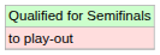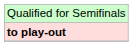 <table class="wikitable">
 <tr width=10px bgcolor="#ccffcc">
 <td>Qualified for Semifinals</td>
 </tr>
 <tr width=10px bgcolor="#ffdddd">
-<td>to play-out</td>
+<td><strong>to play-out</strong></td>
 </tr>
 <tr>
 </tr>
 </table>
